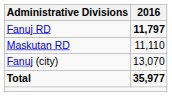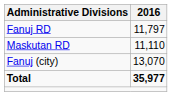 <table class="wikitable">
 <tr>
 <th>Administrative Divisions</th>
 <th>2016</th>
 </tr>
 <tr>
 <td><a href='#'>Fanuj RD</a></td>
-<td style="text-align: right;"><strong>11,797</strong></td>
+<td style="text-align: right;">11,797</td>
 </tr>
 <tr>
 <td><a href='#'>Maskutan RD</a></td>
 <td style="text-align: right;">11,110</td>
 </tr>
 <tr>
 <td><a href='#'>Fanuj</a> (city)</td>
 <td style="text-align: right;">13,070</td>
 </tr>
 <tr>
 <td><strong>Total</strong></td>
 <td style="text-align: right;"><strong>35,977</strong></td>
 </tr>
 <tr>
 <td colspan=2></td>
 </tr>
 </table>
